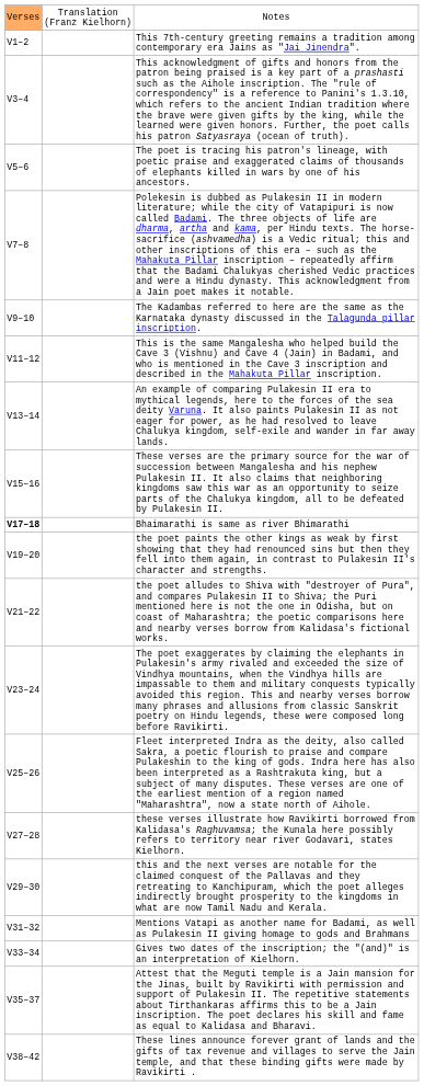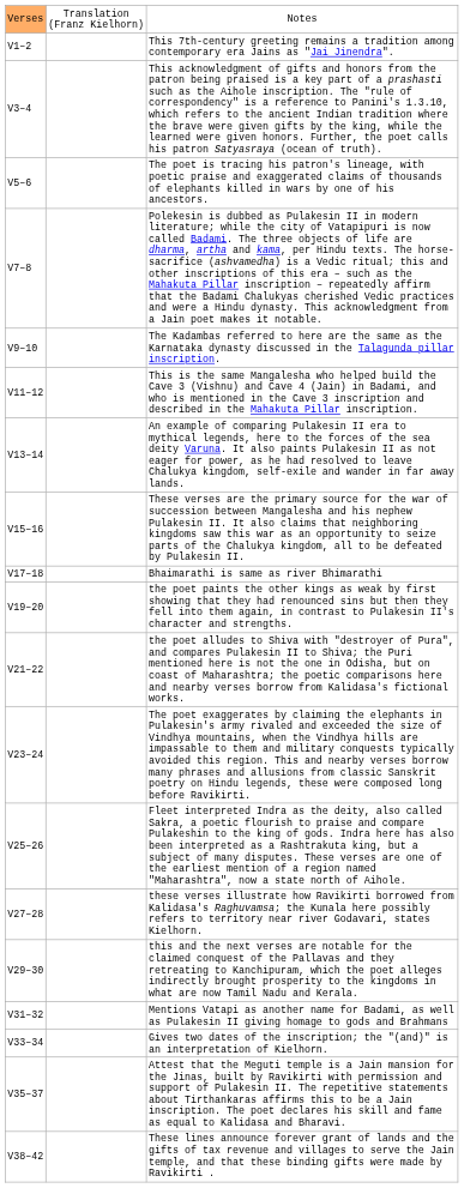 <table class="wikitable" align=center style = " background: transparent; ">
 <tr style="text-align: center;">
 <td width=40px style="background: #ffad66;">Verses</td>
 <td>Translation<br>(Franz Kielhorn)</td>
 <td width=400px>Notes</td>
 </tr>
 <tr style="text-align: left;">
 <td>V1–2</td>
 <td></td>
 <td>This 7th-century greeting remains a tradition among contemporary era Jains as "<a href='#'>Jai Jinendra</a>".</td>
 </tr>
 <tr style="text-align: left;">
 <td>V3–4</td>
 <td></td>
 <td>This acknowledgment of gifts and honors from the patron being praised is a key part of a <em>prashasti</em> such as the Aihole inscription. The "rule of correspondency" is a reference to Panini's 1.3.10, which refers to the ancient Indian tradition where the brave were given gifts by the king, while the learned were given honors. Further, the poet calls his patron <em>Satyasraya</em> (ocean of truth).</td>
 </tr>
 <tr style="text-align: left;">
 <td>V5–6</td>
 <td></td>
 <td>The poet is tracing his patron's lineage, with poetic praise and exaggerated claims of thousands of elephants killed in wars by one of his ancestors.</td>
 </tr>
 <tr style="text-align: left;">
 <td>V7–8</td>
 <td></td>
 <td>Polekesin is dubbed as Pulakesin II in modern literature; while the city of Vatapipuri is now called <a href='#'>Badami</a>. The three objects of life are <em><a href='#'>dharma</a></em>, <em><a href='#'>artha</a></em> and <em><a href='#'>kama</a></em>, per Hindu texts. The horse-sacrifice (<em>ashvamedha</em>) is a Vedic ritual; this and other inscriptions of this era – such as the <a href='#'>Mahakuta Pillar</a> inscription – repeatedly affirm that the Badami Chalukyas cherished Vedic practices and were a Hindu dynasty. This acknowledgment from a Jain poet makes it notable.</td>
 </tr>
 <tr style="text-align: left;">
 <td>V9–10</td>
 <td></td>
 <td>The Kadambas referred to here are the same as the Karnataka dynasty discussed in the <a href='#'>Talagunda pillar inscription</a>.</td>
 </tr>
 <tr style="text-align: left;">
 <td>V11–12</td>
 <td></td>
 <td>This is the same Mangalesha who helped build the Cave 3 (Vishnu) and Cave 4 (Jain) in Badami, and who is mentioned in the Cave 3 inscription and described in the <a href='#'>Mahakuta Pillar</a> inscription.</td>
 </tr>
 <tr style="text-align: left;">
 <td>V13–14</td>
 <td></td>
 <td>An example of comparing Pulakesin II era to mythical legends, here to the forces of the sea deity <a href='#'>Varuna</a>. It also paints Pulakesin II as not eager for power, as he had resolved to leave Chalukya kingdom, self-exile and wander in far away lands.</td>
 </tr>
 <tr style="text-align: left;">
 <td>V15–16</td>
 <td></td>
 <td>These verses are the primary source for the war of succession between Mangalesha and his nephew Pulakesin II. It also claims that neighboring kingdoms saw this war as an opportunity to seize parts of the Chalukya kingdom, all to be defeated by Pulakesin II.</td>
 </tr>
 <tr style="text-align: left;">
-<td><strong>V17–18</strong></td>
+<td>V17–18</td>
 <td></td>
 <td>Bhaimarathi is same as river Bhimarathi</td>
 </tr>
 <tr style="text-align: left;">
 <td>V19–20</td>
 <td></td>
 <td>the poet paints the other kings as weak by first showing that they had renounced sins but then they fell into them again, in contrast to Pulakesin II's character and strengths.</td>
 </tr>
 <tr style="text-align: left;">
 <td>V21–22</td>
 <td></td>
 <td>the poet alludes to Shiva with "destroyer of Pura", and compares Pulakesin II to Shiva; the Puri mentioned here is not the one in Odisha, but on coast of Maharashtra; the poetic comparisons here and nearby verses borrow from Kalidasa's fictional works.</td>
 </tr>
 <tr style="text-align: left;">
 <td>V23–24</td>
 <td></td>
 <td>The poet exaggerates by claiming the elephants in Pulakesin's army rivaled and exceeded the size of Vindhya mountains, when the Vindhya hills are impassable to them and military conquests typically avoided this region. This and nearby verses borrow many phrases and allusions from classic Sanskrit poetry on Hindu legends, these were composed long before Ravikirti.</td>
 </tr>
 <tr style="text-align: left;">
 <td>V25–26</td>
 <td></td>
 <td>Fleet interpreted Indra as the deity, also called Sakra, a poetic flourish to praise and compare Pulakeshin to the king of gods. Indra here has also been interpreted as a Rashtrakuta king, but a subject of many disputes. These verses are one of the earliest mention of a region named "Maharashtra", now a state north of Aihole.</td>
 </tr>
 <tr style="text-align: left;">
 <td>V27–28</td>
 <td></td>
 <td>these verses illustrate how Ravikirti borrowed from Kalidasa's <em>Raghuvamsa</em>; the Kunala here possibly refers to territory near river Godavari, states Kielhorn.</td>
 </tr>
 <tr style="text-align: left;">
 <td>V29–30</td>
 <td></td>
 <td>this and the next verses are notable for the claimed conquest of the Pallavas and they retreating to Kanchipuram, which the poet alleges indirectly brought prosperity to the kingdoms in what are now Tamil Nadu and Kerala.</td>
 </tr>
 <tr style="text-align: left;">
 <td>V31–32</td>
 <td></td>
 <td>Mentions Vatapi as another name for Badami, as well as Pulakesin II giving homage to gods and Brahmans</td>
 </tr>
 <tr style="text-align: left;">
 <td>V33–34</td>
 <td></td>
 <td>Gives two dates of the inscription; the "(and)" is an interpretation of Kielhorn.</td>
 </tr>
 <tr style="text-align: left;">
 <td>V35–37</td>
 <td></td>
 <td>Attest that the Meguti temple is a Jain mansion for the Jinas, built by Ravikirti with permission and support of Pulakesin II. The repetitive statements about Tirthankaras affirms this to be a Jain inscription. The poet declares his skill and fame as equal to Kalidasa and Bharavi.</td>
 </tr>
 <tr style="text-align: left;">
 <td>V38–42</td>
 <td></td>
 <td>These lines announce forever grant of lands and the gifts of tax revenue and villages to serve the Jain temple, and that these binding gifts were made by Ravikirti .</td>
 </tr>
 </table>
